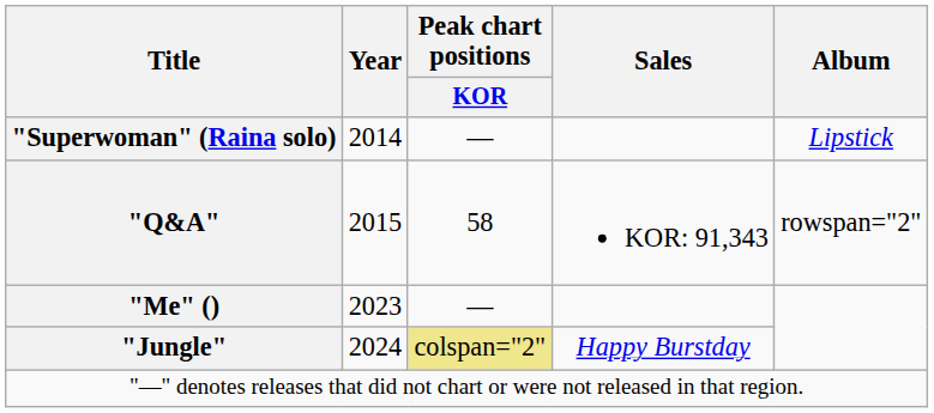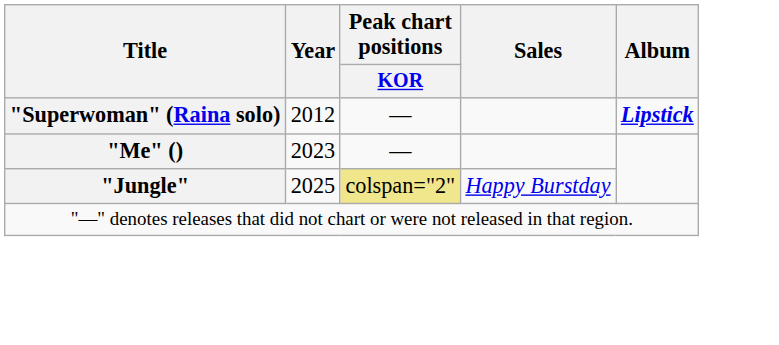 <table class="wikitable plainrowheaders" style="text-align:center;">
 <tr>
 <th scope="col" rowspan="2">Title</th>
 <th scope="col" rowspan="2">Year</th>
 <th scope="col">Peak chart<br>positions</th>
 <th scope="col" rowspan="2">Sales</th>
 <th scope="col" rowspan="2">Album</th>
 </tr>
 <tr>
 <th scope="col" style="width:2.7em;font-size:90%"><a href='#'>KOR</a><br></th>
 </tr>
 <tr>
 <th scope="row">"Superwoman" (<a href='#'>Raina</a> solo) <br></th>
-<td>2014</td>
+<td>2012</td>
 <td>—</td>
 <td></td>
-<td><em><a href='#'>Lipstick</a></em></td>
-</tr>
-<tr>
-<th scope="row">"Q&A" <br></th>
-<td>2015</td>
-<td>58</td>
-<td><br><ul><li>KOR: 91,343</li></ul></td>
-<td>rowspan="2" </td>
+<td><strong><em><a href='#'>Lipstick</a></em></strong></td>
 </tr>
 <tr>
 <th scope="row">"Me" ()</th>
 <td>2023</td>
 <td>—</td>
 <td></td>
 </tr>
 <tr>
 <th scope="row">"Jungle"</th>
-<td>2024</td>
+<td>2025</td>
 <td style="background: khaki;">colspan="2" </td>
 <td><em><a href='#'>Happy Burstday</a></em></td>
 </tr>
 <tr>
 <td colspan="5" style="font-size:85%">"—" denotes releases that did not chart or were not released in that region.</td>
 </tr>
 </table>
